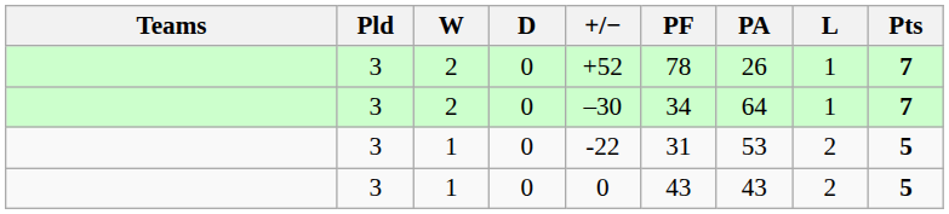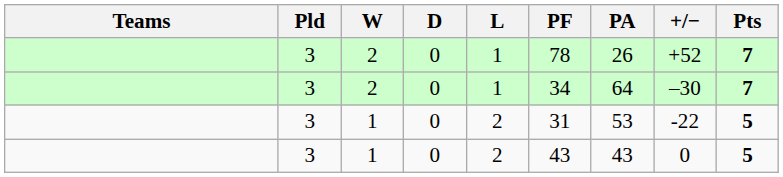 <table class="wikitable" style="text-align: center;">
 <tr>
 <th width="200">Teams</th>
 <th width="40">Pld</th>
 <th width="40">W</th>
 <th width="40">D</th>
-<th width="40">+/−</th>
+<th width="40">L</th>
 <th width="40">PF</th>
 <th width="40">PA</th>
-<th width="40">L</th>
+<th width="40">+/−</th>
 <th width="40">Pts</th>
 </tr>
 <tr bgcolor=ccffcc>
 <td align=left></td>
 <td>3</td>
 <td>2</td>
 <td>0</td>
-<td>+52</td>
+<td>1</td>
 <td>78</td>
 <td>26</td>
-<td>1</td>
+<td>+52</td>
 <td><strong>7</strong></td>
 </tr>
 <tr bgcolor=ccffcc>
 <td align=left></td>
 <td>3</td>
 <td>2</td>
 <td>0</td>
-<td>–30</td>
+<td>1</td>
 <td>34</td>
 <td>64</td>
-<td>1</td>
+<td>–30</td>
 <td><strong>7</strong></td>
 </tr>
 <tr>
 <td align=left></td>
 <td>3</td>
 <td>1</td>
 <td>0</td>
-<td>-22</td>
+<td>2</td>
 <td>31</td>
 <td>53</td>
-<td>2</td>
+<td>-22</td>
 <td><strong>5</strong></td>
 </tr>
 <tr>
 <td align=left></td>
 <td>3</td>
 <td>1</td>
 <td>0</td>
-<td>0</td>
+<td>2</td>
 <td>43</td>
 <td>43</td>
-<td>2</td>
+<td>0</td>
 <td><strong>5</strong></td>
 </tr>
 </table>
